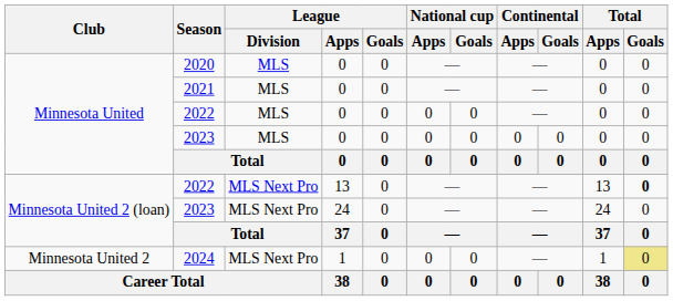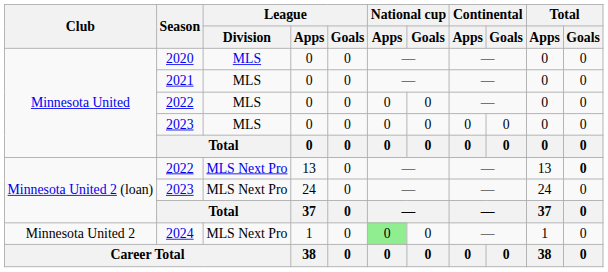 <table class="wikitable" style="text-align: center;">
 <tr>
 <th rowspan="2">Club</th>
 <th rowspan="2">Season</th>
 <th colspan="3">League</th>
 <th colspan="2">National cup</th>
 <th colspan="2">Continental</th>
 <th colspan="2">Total</th>
 </tr>
 <tr>
 <th>Division</th>
 <th>Apps</th>
 <th>Goals</th>
 <th>Apps</th>
 <th>Goals</th>
 <th>Apps</th>
 <th>Goals</th>
 <th>Apps</th>
 <th>Goals</th>
 </tr>
 <tr>
 <td rowspan="5"><a href='#'>Minnesota United</a></td>
 <td><a href='#'>2020</a></td>
 <td><a href='#'>MLS</a></td>
 <td>0</td>
 <td>0</td>
 <td colspan="2">—</td>
 <td colspan="2">—</td>
 <td>0</td>
 <td>0</td>
 </tr>
 <tr>
 <td><a href='#'>2021</a></td>
 <td>MLS</td>
 <td>0</td>
 <td>0</td>
 <td colspan="2">—</td>
 <td colspan="2">—</td>
 <td>0</td>
 <td>0</td>
 </tr>
 <tr>
 <td><a href='#'>2022</a></td>
 <td>MLS</td>
 <td>0</td>
 <td>0</td>
 <td>0</td>
 <td>0</td>
 <td colspan="2">—</td>
 <td>0</td>
 <td>0</td>
 </tr>
 <tr>
 <td><a href='#'>2023</a></td>
 <td>MLS</td>
 <td>0</td>
 <td>0</td>
 <td>0</td>
 <td>0</td>
 <td>0</td>
 <td>0</td>
 <td>0</td>
 <td>0</td>
 </tr>
 <tr>
 <th colspan="2">Total</th>
 <th>0</th>
 <th>0</th>
 <th>0</th>
 <th>0</th>
 <th>0</th>
 <th>0</th>
 <th>0</th>
 <th>0</th>
 </tr>
 <tr>
 <td rowspan="3"><a href='#'>Minnesota United 2</a> (loan)</td>
 <td><a href='#'>2022</a></td>
 <td><a href='#'>MLS Next Pro</a></td>
 <td>13</td>
 <td>0</td>
 <td colspan="2">—</td>
 <td colspan="2">—</td>
 <td>13</td>
 <td><strong>0</strong></td>
 </tr>
 <tr>
 <td><a href='#'>2023</a></td>
 <td>MLS Next Pro</td>
 <td>24</td>
 <td>0</td>
 <td colspan="2">—</td>
 <td colspan="2">—</td>
 <td>24</td>
 <td>0</td>
 </tr>
 <tr>
 <th colspan="2">Total</th>
 <th>37</th>
 <th>0</th>
 <th colspan="2">—</th>
 <th colspan="2">—</th>
 <th>37</th>
 <th>0</th>
 </tr>
 <tr>
 <td>Minnesota United 2</td>
 <td><a href='#'>2024</a></td>
 <td>MLS Next Pro</td>
 <td>1</td>
 <td>0</td>
-<td>0</td>
+<td style="background: lightgreen;">0</td>
 <td>0</td>
 <td colspan="2">—</td>
 <td>1</td>
-<td style="background: khaki;">0</td>
+<td>0</td>
 </tr>
 <tr>
 <th colspan="3">Career Total</th>
 <th>38</th>
 <th>0</th>
 <th>0</th>
 <th>0</th>
 <th>0</th>
 <th>0</th>
 <th>38</th>
 <th>0</th>
 </tr>
 </table>
